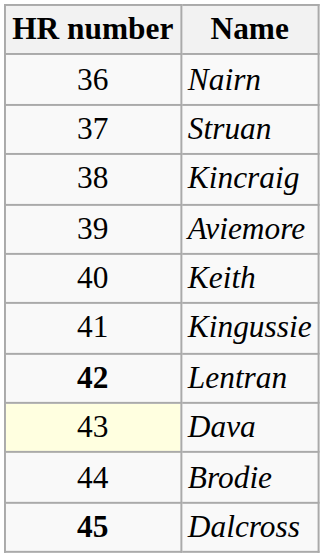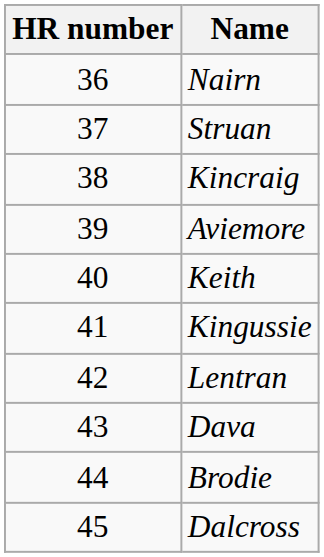 <table class="wikitable">
 <tr>
 <th>HR number</th>
 <th>Name</th>
 </tr>
 <tr>
 <td style="text-align: center;">36</td>
 <td><em>Nairn</em></td>
 </tr>
 <tr>
 <td style="text-align: center;">37</td>
 <td><em>Struan</em></td>
 </tr>
 <tr>
 <td style="text-align: center;">38</td>
 <td><em>Kincraig</em></td>
 </tr>
 <tr>
 <td style="text-align: center;">39</td>
 <td><em>Aviemore</em></td>
 </tr>
 <tr>
 <td style="text-align: center;">40</td>
 <td><em>Keith</em></td>
 </tr>
 <tr>
 <td style="text-align: center;">41</td>
 <td><em>Kingussie</em></td>
 </tr>
 <tr>
-<td style="text-align: center;"><strong>42</strong></td>
+<td style="text-align: center;">42</td>
 <td><em>Lentran</em></td>
 </tr>
 <tr>
-<td style="background: lightyellow; text-align: center;">43</td>
+<td style="text-align: center;">43</td>
 <td><em>Dava</em></td>
 </tr>
 <tr>
 <td style="text-align: center;">44</td>
 <td><em>Brodie</em></td>
 </tr>
 <tr>
-<td style="text-align: center;"><strong>45</strong></td>
+<td style="text-align: center;">45</td>
 <td><em>Dalcross</em></td>
 </tr>
 </table>
